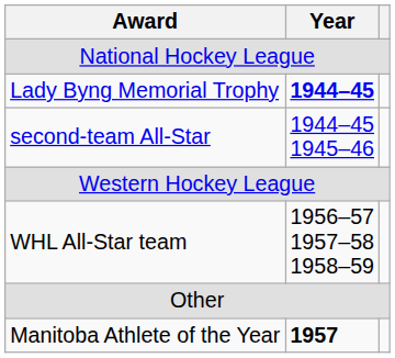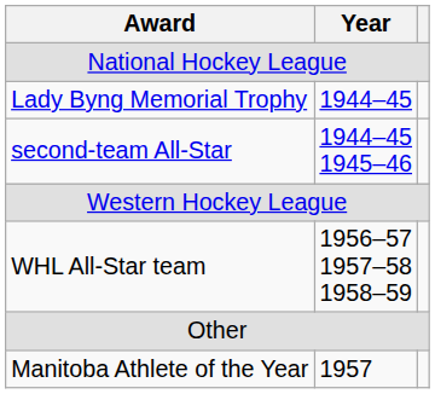 <table class="wikitable">
 <tr>
 <th>Award</th>
 <th>Year</th>
 <th></th>
 </tr>
 <tr ALIGN="center" bgcolor="#e0e0e0">
 <td colspan="3"><a href='#'>National Hockey League</a></td>
 </tr>
 <tr>
 <td><a href='#'>Lady Byng Memorial Trophy</a></td>
-<td><strong><a href='#'>1944–45</a></strong></td>
+<td><a href='#'>1944–45</a></td>
 <td></td>
 </tr>
 <tr>
 <td><a href='#'>second-team All-Star</a></td>
 <td><a href='#'>1944–45</a><br><a href='#'>1945–46</a></td>
 <td></td>
 </tr>
 <tr ALIGN="center" bgcolor="#e0e0e0">
 <td colspan="3"><a href='#'>Western Hockey League</a></td>
 </tr>
 <tr>
 <td>WHL All-Star team</td>
 <td>1956–57<br>1957–58<br>1958–59</td>
 <td></td>
 </tr>
 <tr ALIGN="center" bgcolor="#e0e0e0">
 <td colspan="3">Other</td>
 </tr>
 <tr>
 <td>Manitoba Athlete of the Year</td>
-<td><strong>1957</strong></td>
+<td>1957</td>
 <td></td>
 </tr>
 </table>
